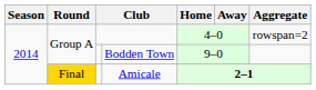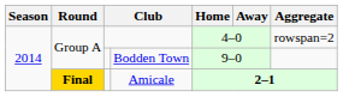 <table class="wikitable" style="text-align:center;">
 <tr>
 <th>Season</th>
 <th>Round</th>
 <th colspan=2>Club</th>
 <th>Home</th>
 <th>Away</th>
 <th>Aggregate</th>
 </tr>
 <tr>
 <td rowspan=3><a href='#'>2014</a></td>
 <td rowspan=2>Group A</td>
 <td colspan=2></td>
 <td colspan=2 style="background:#dfd;">4–0</td>
 <td>rowspan=2 </td>
 </tr>
 <tr>
 <td></td>
 <td><a href='#'>Bodden Town</a></td>
 <td colspan=2 style="background:#dfd;">9–0</td>
 </tr>
 <tr>
-<td style="background:gold">Final</td>
+<td style="background:gold"><strong>Final</strong></td>
 <td></td>
 <td><a href='#'>Amicale</a></td>
 <td colspan=3 style="background:#dfd;"><strong>2–1</strong></td>
 </tr>
 </table>
